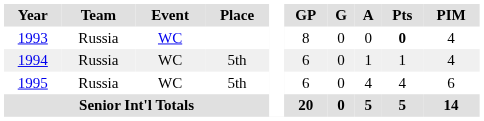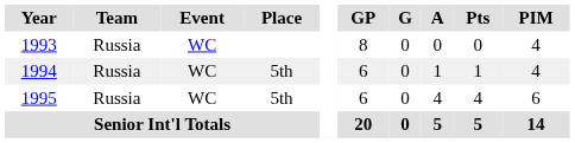 <table BORDER="0" CELLPADDING="3" CELLSPACING="0" width=40%>
 <tr ALIGN="center" bgcolor="#e0e0e0">
 <th>Year</th>
 <th>Team</th>
 <th>Event</th>
 <th>Place</th>
 <th ALIGN="center" rowspan="99" bgcolor="#ffffff"> </th>
 <th>GP</th>
 <th>G</th>
 <th>A</th>
 <th>Pts</th>
 <th>PIM</th>
 </tr>
 <tr ALIGN="center">
 <td><a href='#'>1993</a></td>
 <td>Russia</td>
 <td><a href='#'>WC</a></td>
 <td></td>
 <td>8</td>
 <td>0</td>
 <td>0</td>
-<td><strong>0</strong></td>
+<td>0</td>
 <td>4</td>
 </tr>
 <tr ALIGN="center" bgcolor="#f0f0f0">
 <td><a href='#'>1994</a></td>
 <td>Russia</td>
 <td>WC</td>
 <td>5th</td>
 <td>6</td>
 <td>0</td>
 <td>1</td>
 <td>1</td>
 <td>4</td>
 </tr>
 <tr ALIGN="center">
 <td><a href='#'>1995</a></td>
 <td>Russia</td>
 <td>WC</td>
 <td>5th</td>
 <td>6</td>
 <td>0</td>
 <td>4</td>
 <td>4</td>
 <td>6</td>
 </tr>
 <tr ALIGN="center" bgcolor="#e0e0e0">
 <th colspan=4>Senior Int'l Totals</th>
 <th>20</th>
 <th>0</th>
 <th>5</th>
 <th>5</th>
 <th>14</th>
 </tr>
 </table>
